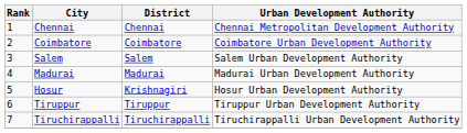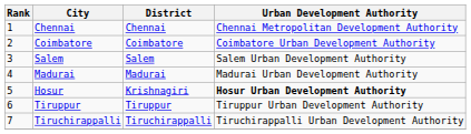 <table class="wikitable sortable">
 <tr>
 <th>Rank</th>
 <th>City</th>
 <th>District</th>
 <th>Urban Development Authority</th>
 </tr>
 <tr>
 <td>1</td>
 <td><a href='#'>Chennai</a></td>
 <td><a href='#'>Chennai</a></td>
 <td><a href='#'>Chennai Metropolitan Development Authority</a></td>
 </tr>
 <tr>
 <td>2</td>
 <td><a href='#'>Coimbatore</a></td>
 <td><a href='#'>Coimbatore</a></td>
 <td><a href='#'>Coimbatore Urban Development Authority</a></td>
 </tr>
 <tr>
 <td>3</td>
 <td><a href='#'>Salem</a></td>
 <td><a href='#'>Salem</a></td>
 <td>Salem Urban Development Authority</td>
 </tr>
 <tr>
 <td>4</td>
 <td><a href='#'>Madurai</a></td>
 <td><a href='#'>Madurai</a></td>
 <td>Madurai Urban Development Authority</td>
 </tr>
 <tr>
 <td>5</td>
 <td><a href='#'>Hosur</a></td>
 <td><a href='#'>Krishnagiri</a></td>
-<td>Hosur Urban Development Authority</td>
+<td><strong>Hosur Urban Development Authority</strong></td>
 </tr>
 <tr>
 <td>6</td>
 <td><a href='#'>Tiruppur</a></td>
 <td><a href='#'>Tiruppur</a></td>
 <td>Tiruppur Urban Development Authority</td>
 </tr>
 <tr>
 <td>7</td>
 <td><a href='#'>Tiruchirappalli</a></td>
 <td><a href='#'>Tiruchirappalli</a></td>
 <td>Tiruchirappalli Urban Development Authority</td>
 </tr>
 <tr>
 </tr>
 </table>
